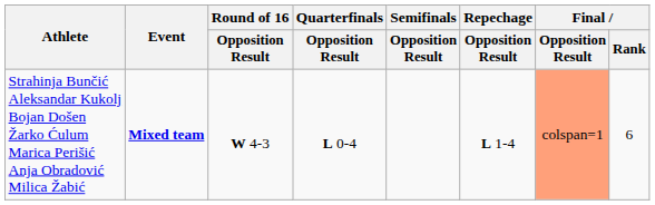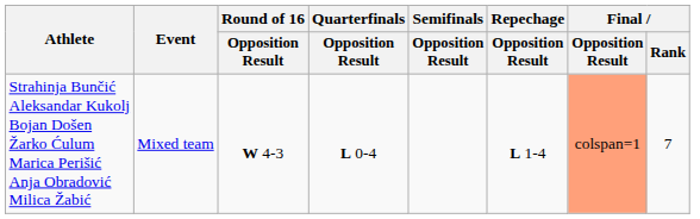 <table class="wikitable" style="text-align:center; font-size:90%">
 <tr>
 <th rowspan=2>Athlete</th>
 <th rowspan=2>Event</th>
 <th>Round of 16</th>
 <th>Quarterfinals</th>
 <th>Semifinals</th>
 <th>Repechage</th>
 <th colspan=2>Final / </th>
 </tr>
 <tr style="font-size:95%">
 <th>Opposition<br>Result</th>
 <th>Opposition<br>Result</th>
 <th>Opposition<br>Result</th>
 <th>Opposition<br>Result</th>
 <th>Opposition<br>Result</th>
 <th>Rank</th>
 </tr>
 <tr>
 <td align=left><a href='#'>Strahinja Bunčić</a><br><a href='#'>Aleksandar Kukolj</a><br><a href='#'>Bojan Došen</a><br><a href='#'>Žarko Ćulum</a><br><a href='#'>Marica Perišić</a><br><a href='#'>Anja Obradović</a><br><a href='#'>Milica Žabić</a></td>
-<td align=left><strong><a href='#'>Mixed team</a></strong></td>
+<td align=left><a href='#'>Mixed team</a></td>
 <td><br><strong>W</strong> 4-3</td>
 <td><br><strong>L</strong> 0-4</td>
 <td></td>
 <td><br><strong>L</strong> 1-4</td>
 <td style="background: lightsalmon;">colspan=1 </td>
-<td>6</td>
+<td>7</td>
 </tr>
 </table>
